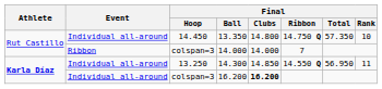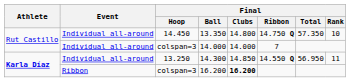 <table class="wikitable" style="font-size:90%">
 <tr>
 <th rowspan="2">Athlete</th>
 <th rowspan="2">Event</th>
 <th colspan="6">Final</th>
 </tr>
 <tr style="font-size:95%">
 <th>Hoop</th>
 <th>Ball</th>
 <th>Clubs</th>
 <th>Ribbon</th>
 <th>Total</th>
 <th>Rank</th>
 </tr>
 <tr align=center>
 <td align=left rowspan=2><a href='#'>Rut Castillo</a></td>
 <td align=left><a href='#'>Individual all-around</a></td>
 <td>14.450</td>
 <td>13.350</td>
 <td>14.800</td>
 <td>14.750 <strong>Q</strong></td>
 <td>57.350</td>
 <td>10</td>
 </tr>
 <tr align=center>
-<td align=left><a href='#'>Ribbon</a></td>
+<td align=left><a href='#'>Individual all-around</a></td>
 <td>colspan=3 </td>
 <td>14.000</td>
 <td>14.000</td>
 <td>7</td>
 </tr>
 <tr align=center>
 <td align=left rowspan=2><strong><a href='#'>Karla Díaz</a></strong></td>
 <td align=left><a href='#'>Individual all-around</a></td>
 <td>13.250</td>
 <td>14.300</td>
 <td>14.850</td>
 <td>14.550 <strong>Q</strong></td>
 <td>56.950</td>
 <td>11</td>
 </tr>
 <tr align=center>
-<td align=left><a href='#'>Individual all-around</a></td>
+<td align=left><a href='#'>Ribbon</a></td>
 <td>colspan=3 </td>
 <td>16.200</td>
 <td><strong>16.200</strong></td>
 <td></td>
 </tr>
 </table>
